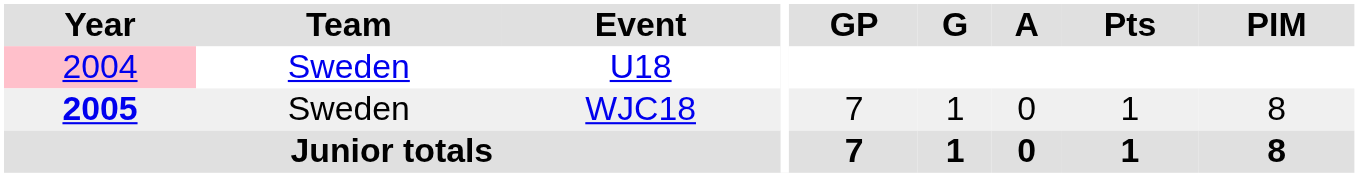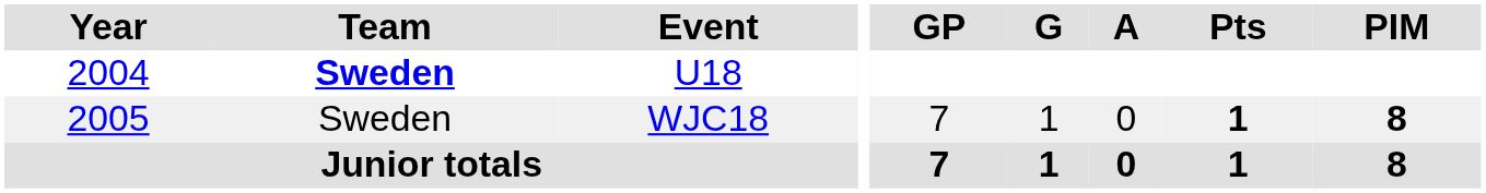 <table border="0" cellpadding="1" cellspacing="0" ID="Table3" style="text-align:center; width:40em">
 <tr ALIGN="center" bgcolor="#e0e0e0">
 <th>Year</th>
 <th>Team</th>
 <th>Event</th>
 <th rowspan="99" bgcolor="#ffffff"></th>
 <th>GP</th>
 <th>G</th>
 <th>A</th>
 <th>Pts</th>
 <th>PIM</th>
 </tr>
 <tr>
-<td style="background: pink;"><a href='#'>2004</a></td>
-<td><a href='#'>Sweden</a></td>
+<td><a href='#'>2004</a></td>
+<td><strong><a href='#'>Sweden</a></strong></td>
 <td><a href='#'>U18</a></td>
 <td></td>
 <td></td>
 <td></td>
 <td></td>
 <td></td>
 </tr>
 <tr bgcolor="#f0f0f0">
-<td><strong><a href='#'>2005</a></strong></td>
+<td><a href='#'>2005</a></td>
 <td>Sweden</td>
 <td><a href='#'>WJC18</a></td>
 <td>7</td>
 <td>1</td>
 <td>0</td>
-<td>1</td>
-<td>8</td>
+<td><strong>1</strong></td>
+<td><strong>8</strong></td>
 </tr>
 <tr bgcolor="#e0e0e0">
 <th colspan="3">Junior totals</th>
 <th>7</th>
 <th>1</th>
 <th>0</th>
 <th>1</th>
 <th>8</th>
 </tr>
 </table>
